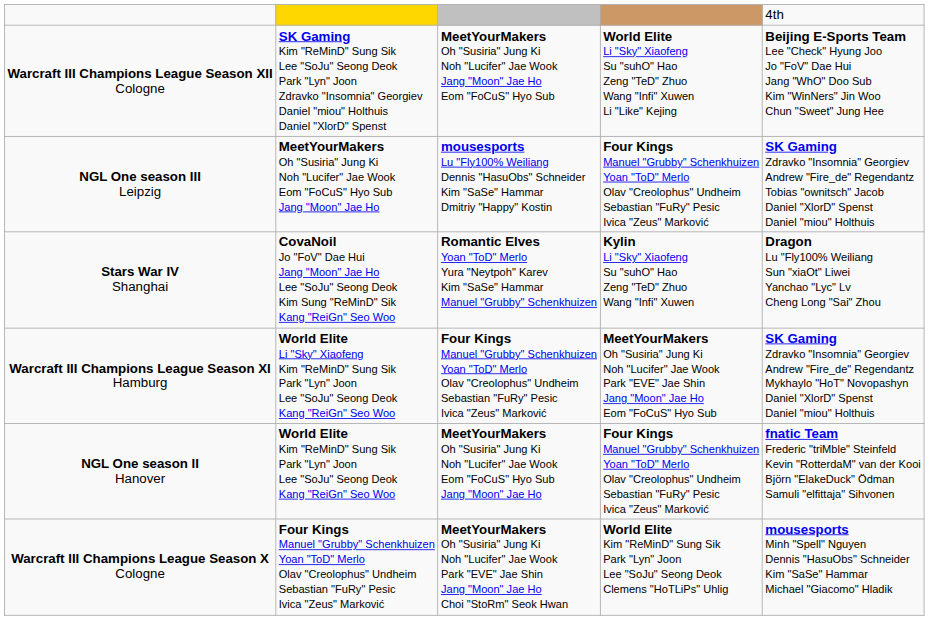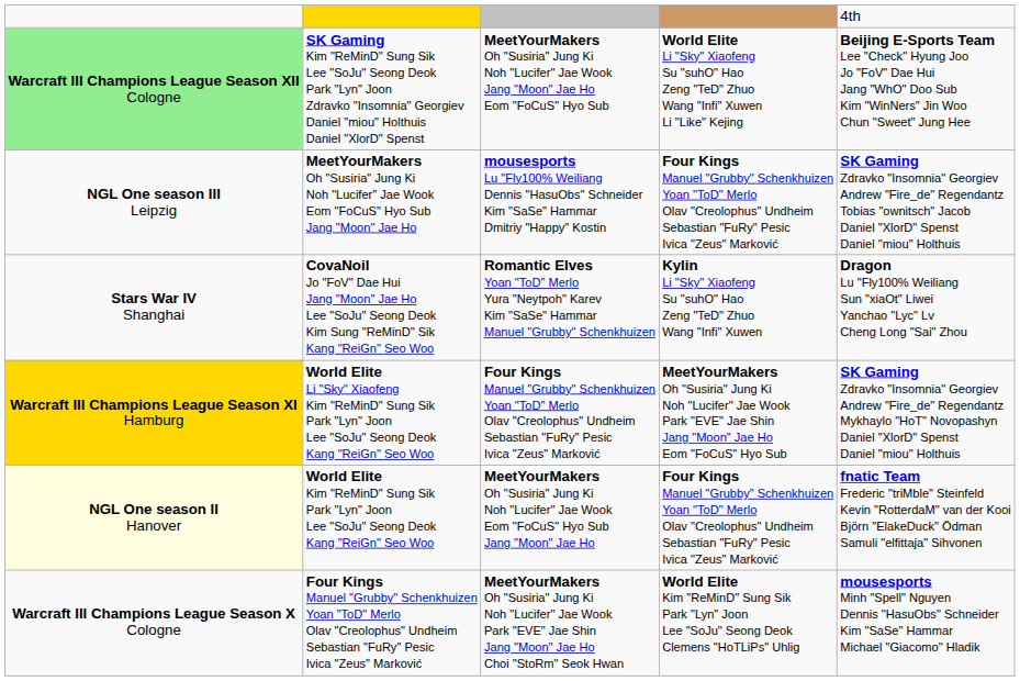 <table class="wikitable" style="text-align:left">
 <tr>
 <td style="text-align:center"></td>
 <td style="text-align:center; background:gold;"></td>
 <td style="text-align:center; background:silver;"></td>
 <td style="text-align:center; background:#c96;"></td>
 <td>4th</td>
 </tr>
 <tr>
-<td style="text-align:center"><strong>Warcraft III Champions League Season XII</strong><br> Cologne</td>
+<td style="background: lightgreen; text-align:center"><strong>Warcraft III Champions League Season XII</strong><br> Cologne</td>
 <td style="vertical-align:top"> <strong><a href='#'>SK Gaming</a></strong><br><small> Kim "ReMinD" Sung Sik <br> Lee "SoJu" Seong Deok <br> Park "Lyn" Joon <br> Zdravko "Insomnia" Georgiev<br> Daniel "miou" Holthuis<br> Daniel "XlorD" Spenst<br></small></td>
 <td style="vertical-align:top"> <strong>MeetYourMakers</strong><br><small> Oh "Susiria" Jung Ki<br> Noh "Lucifer" Jae Wook<br> <a href='#'>Jang "Moon" Jae Ho</a><br> Eom "FoCuS" Hyo Sub <br></small></td>
 <td style="vertical-align:top"> <strong>World Elite</strong><br><small> <a href='#'>Li "Sky" Xiaofeng</a><br> Su "suhO" Hao <br> Zeng "TeD" Zhuo <br> Wang "Infi" Xuwen<br> Li "Like" Kejing<br></small></td>
 <td style="vertical-align:top"> <strong>Beijing E-Sports Team </strong><br><small> Lee "Check" Hyung Joo <br> Jo "FoV" Dae Hui<br> Jang "WhO" Doo Sub<br> Kim  "WinNers" Jin Woo<br> Chun "Sweet" Jung Hee <br></small></td>
 </tr>
 <tr>
 <td style="text-align:center"><strong>NGL One season III</strong><br> Leipzig</td>
 <td style="vertical-align:top"> <strong>MeetYourMakers</strong><br><small> Oh "Susiria" Jung Ki<br> Noh "Lucifer" Jae Wook<br> Eom "FoCuS" Hyo Sub<br> <a href='#'>Jang "Moon" Jae Ho</a><br></small></td>
 <td style="vertical-align:top"> <strong><a href='#'>mousesports</a></strong><br><small> <a href='#'>Lu "Fly100% Weiliang</a><br> Dennis "HasuObs" Schneider<br> Kim "SaSe" Hammar<br> Dmitriy "Happy" Kostin<br></small></td>
 <td style="vertical-align:top"> <strong>Four Kings</strong><br><small> <a href='#'>Manuel "Grubby" Schenkhuizen</a><br> <a href='#'>Yoan "ToD" Merlo</a><br> Olav "Creolophus" Undheim<br> Sebastian "FuRy" Pesic<br> Ivica "Zeus" Marković</small></td>
 <td style="vertical-align:top"> <strong><a href='#'>SK Gaming</a></strong><br><small> Zdravko "Insomnia" Georgiev<br> Andrew "Fire_de" Regendantz<br> Tobias "ownitsch" Jacob<br> Daniel "XlorD" Spenst<br> Daniel "miou" Holthuis<br></small></td>
 </tr>
 <tr>
 <td style="text-align:center"><strong>Stars War IV</strong><br> Shanghai</td>
 <td style="vertical-align:top"> <strong>CovaNoil</strong><br><small> Jo "FoV" Dae Hui<br> <a href='#'>Jang "Moon" Jae Ho</a><br> Lee "SoJu" Seong Deok<br> Kim Sung "ReMinD" Sik<br> <a href='#'>Kang "ReiGn" Seo Woo</a><br></small></td>
 <td style="vertical-align:top"> <strong>Romantic Elves</strong><br><small> <a href='#'>Yoan "ToD" Merlo</a><br> Yura "Neytpoh" Karev<br> Kim "SaSe" Hammar<br> <a href='#'>Manuel "Grubby" Schenkhuizen</a><br></small></td>
 <td style="vertical-align:top"> <strong>Kylin</strong><br><small> <a href='#'>Li "Sky" Xiaofeng</a><br> Su "suhO" Hao <br> Zeng "TeD" Zhuo <br> Wang "Infi" Xuwen<br></small></td>
 <td style="vertical-align:top"> <strong>Dragon</strong><br><small> Lu "Fly100% Weiliang<br> Sun "xiaOt" Liwei<br> Yanchao "Lyc" Lv<br> Cheng Long "Sai" Zhou<br></small></td>
 </tr>
 <tr>
-<td style="text-align:center"><strong>Warcraft III Champions League Season XI</strong><br> Hamburg</td>
+<td style="background: gold; text-align:center"><strong>Warcraft III Champions League Season XI</strong><br> Hamburg</td>
 <td style="vertical-align:top"> <strong>World Elite</strong><br><small> <a href='#'>Li "Sky" Xiaofeng</a><br> Kim "ReMinD" Sung Sik<br> Park "Lyn" Joon<br> Lee "SoJu" Seong Deok<br> <a href='#'>Kang "ReiGn" Seo Woo</a></small></td>
 <td style="vertical-align:top"> <strong>Four Kings</strong><br><small> <a href='#'>Manuel "Grubby" Schenkhuizen</a><br> <a href='#'>Yoan "ToD" Merlo</a><br> Olav "Creolophus" Undheim<br> Sebastian "FuRy" Pesic<br> Ivica "Zeus" Marković</small></td>
 <td style="vertical-align:top"> <strong>MeetYourMakers</strong><br><small> Oh "Susiria" Jung Ki<br> Noh "Lucifer" Jae Wook<br> Park "EVE" Jae Shin<br> <a href='#'>Jang "Moon" Jae Ho</a><br> Eom "FoCuS" Hyo Sub<br></small></td>
 <td style="vertical-align:top"> <strong><a href='#'>SK Gaming</a></strong><br><small> Zdravko "Insomnia" Georgiev<br> Andrew "Fire_de" Regendantz<br> Mykhaylo "HoT" Novopashyn<br> Daniel "XlorD" Spenst<br> Daniel "miou" Holthuis<br></small></td>
 </tr>
 <tr>
-<td style="text-align:center"><strong>NGL One season II</strong><br> Hanover</td>
+<td style="background: lightyellow; text-align:center"><strong>NGL One season II</strong><br> Hanover</td>
 <td style="vertical-align:top"> <strong>World Elite</strong><br><small> Kim "ReMinD" Sung Sik<br> Park "Lyn" Joon<br> Lee "SoJu" Seong Deok<br> <a href='#'>Kang "ReiGn" Seo Woo</a></small></td>
 <td style="vertical-align:top"> <strong>MeetYourMakers</strong><br><small> Oh "Susiria" Jung Ki<br> Noh "Lucifer" Jae Wook<br> Eom "FoCuS" Hyo Sub<br> <a href='#'>Jang "Moon" Jae Ho</a><br></small></td>
 <td style="vertical-align:top"> <strong>Four Kings</strong><br><small> <a href='#'>Manuel "Grubby" Schenkhuizen</a><br> <a href='#'>Yoan "ToD" Merlo</a><br> Olav "Creolophus" Undheim<br> Sebastian "FuRy" Pesic<br> Ivica "Zeus" Marković</small></td>
 <td style="vertical-align:top"> <strong><a href='#'>fnatic Team</a></strong><br><small> Frederic "triMble" Steinfeld<br> Kevin "RotterdaM" van der Kooi<br> Björn "ElakeDuck" Ödman <br> Samuli "elfittaja" Sihvonen<br></small></td>
 </tr>
 <tr>
 <td style="text-align:center"><strong>Warcraft III Champions League Season X</strong><br> Cologne</td>
 <td style="vertical-align:top"> <strong>Four Kings</strong><br><small> <a href='#'>Manuel "Grubby" Schenkhuizen</a><br> <a href='#'>Yoan "ToD" Merlo</a><br> Olav "Creolophus" Undheim<br> Sebastian "FuRy" Pesic<br> Ivica "Zeus" Marković</small></td>
 <td style="vertical-align:top"> <strong>MeetYourMakers</strong><br><small> Oh "Susiria" Jung Ki<br> Noh "Lucifer" Jae Wook<br> Park "EVE" Jae Shin<br> <a href='#'>Jang "Moon" Jae Ho</a><br> Choi "StoRm" Seok Hwan<br></small></td>
 <td style="vertical-align:top"> <strong>World Elite</strong><br><small> Kim "ReMinD" Sung Sik<br> Park "Lyn" Joon<br> Lee "SoJu" Seong Deok<br> Clemens "HoTLiPs" Uhlig</small></td>
 <td style="vertical-align:top"> <strong><a href='#'>mousesports</a></strong><br><small> Minh "Spell" Nguyen<br> Dennis "HasuObs" Schneider<br> Kim "SaSe" Hammar<br> Michael "Giacomo" Hladik<br></small></td>
 </tr>
 </table>
